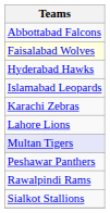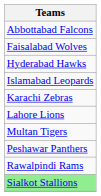 <table class="wikitable">
 <tr>
 <th>Teams</th>
 </tr>
 <tr>
 <td><a href='#'>Abbottabad Falcons</a></td>
 </tr>
 <tr>
-<td style="background: lightyellow;"><a href='#'>Faisalabad Wolves</a></td>
+<td><a href='#'>Faisalabad Wolves</a></td>
 </tr>
 <tr>
 <td><a href='#'>Hyderabad Hawks</a></td>
 </tr>
 <tr>
 <td><a href='#'>Islamabad Leopards</a></td>
 </tr>
 <tr>
 <td><a href='#'>Karachi Zebras</a></td>
 </tr>
 <tr>
 <td><a href='#'>Lahore Lions</a></td>
 </tr>
 <tr>
-<td style="background: lavender;"><a href='#'>Multan Tigers</a></td>
+<td><a href='#'>Multan Tigers</a></td>
 </tr>
 <tr>
 <td><a href='#'>Peshawar Panthers</a></td>
 </tr>
 <tr>
 <td><a href='#'>Rawalpindi Rams</a></td>
 </tr>
 <tr>
-<td><a href='#'>Sialkot Stallions</a></td>
+<td style="background: lightgreen;"><a href='#'>Sialkot Stallions</a></td>
 </tr>
 <tr>
 </tr>
 </table>
